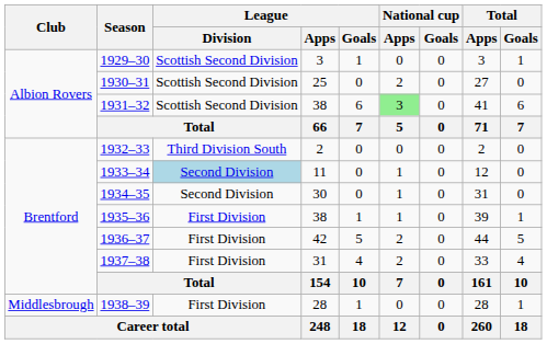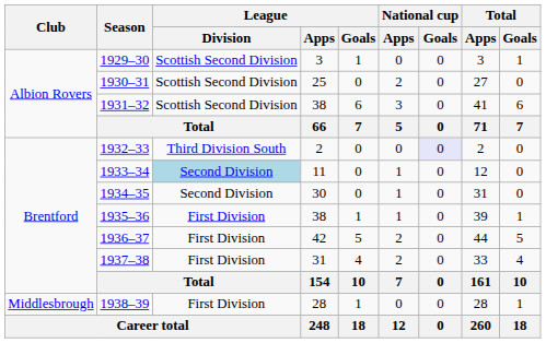 <table class="wikitable" style="text-align: center;">
 <tr>
 <th rowspan="2">Club</th>
 <th rowspan="2">Season</th>
 <th colspan="3">League</th>
 <th colspan="2">National cup</th>
 <th colspan="2">Total</th>
 </tr>
 <tr>
 <th>Division</th>
 <th>Apps</th>
 <th>Goals</th>
 <th>Apps</th>
 <th>Goals</th>
 <th>Apps</th>
 <th>Goals</th>
 </tr>
 <tr>
 <td rowspan="4"><a href='#'>Albion Rovers</a></td>
 <td><a href='#'>1929–30</a></td>
 <td><a href='#'>Scottish Second Division</a></td>
 <td>3</td>
 <td>1</td>
 <td>0</td>
 <td>0</td>
 <td>3</td>
 <td>1</td>
 </tr>
 <tr>
 <td><a href='#'>1930–31</a></td>
 <td>Scottish Second Division</td>
 <td>25</td>
 <td>0</td>
 <td>2</td>
 <td>0</td>
 <td>27</td>
 <td>0</td>
 </tr>
 <tr>
 <td><a href='#'>1931–32</a></td>
 <td>Scottish Second Division</td>
 <td>38</td>
 <td>6</td>
-<td style="background: lightgreen;">3</td>
+<td>3</td>
 <td>0</td>
 <td>41</td>
 <td>6</td>
 </tr>
 <tr>
 <th colspan="2">Total</th>
 <th>66</th>
 <th>7</th>
 <th>5</th>
 <th>0</th>
 <th>71</th>
 <th>7</th>
 </tr>
 <tr>
 <td rowspan="7"><a href='#'>Brentford</a></td>
 <td><a href='#'>1932–33</a></td>
 <td><a href='#'>Third Division South</a></td>
 <td>2</td>
 <td>0</td>
 <td>0</td>
-<td>0</td>
+<td style="background: lavender;">0</td>
 <td>2</td>
 <td>0</td>
 </tr>
 <tr>
 <td><a href='#'>1933–34</a></td>
 <td style="background: lightblue;"><a href='#'>Second Division</a></td>
 <td>11</td>
 <td>0</td>
 <td>1</td>
 <td>0</td>
 <td>12</td>
 <td>0</td>
 </tr>
 <tr>
 <td><a href='#'>1934–35</a></td>
 <td>Second Division</td>
 <td>30</td>
 <td>0</td>
 <td>1</td>
 <td>0</td>
 <td>31</td>
 <td>0</td>
 </tr>
 <tr>
 <td><a href='#'>1935–36</a></td>
 <td><a href='#'>First Division</a></td>
 <td>38</td>
 <td>1</td>
 <td>1</td>
 <td>0</td>
 <td>39</td>
 <td>1</td>
 </tr>
 <tr>
 <td><a href='#'>1936–37</a></td>
 <td>First Division</td>
 <td>42</td>
 <td>5</td>
 <td>2</td>
 <td>0</td>
 <td>44</td>
 <td>5</td>
 </tr>
 <tr>
 <td><a href='#'>1937–38</a></td>
 <td>First Division</td>
 <td>31</td>
 <td>4</td>
 <td>2</td>
 <td>0</td>
 <td>33</td>
 <td>4</td>
 </tr>
 <tr>
 <th colspan="2">Total</th>
 <th>154</th>
 <th>10</th>
 <th>7</th>
 <th>0</th>
 <th>161</th>
 <th>10</th>
 </tr>
 <tr>
 <td><a href='#'>Middlesbrough</a></td>
 <td><a href='#'>1938–39</a></td>
 <td>First Division</td>
 <td>28</td>
 <td>1</td>
 <td>0</td>
 <td>0</td>
 <td>28</td>
 <td>1</td>
 </tr>
 <tr>
 <th colspan="3">Career total</th>
 <th>248</th>
 <th>18</th>
 <th>12</th>
 <th>0</th>
 <th>260</th>
 <th>18</th>
 </tr>
 </table>
